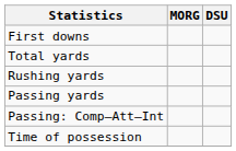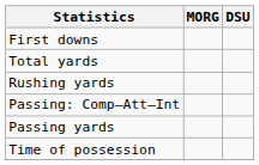 <table class="wikitable" style="float: left;">
 <tr>
 <th>Statistics</th>
 <th>MORG</th>
 <th>DSU</th>
 </tr>
 <tr>
 <td>First downs</td>
 <td></td>
 <td></td>
 </tr>
 <tr>
 <td>Total yards</td>
 <td></td>
 <td></td>
 </tr>
 <tr>
 <td>Rushing yards</td>
 <td></td>
 <td></td>
 </tr>
 <tr>
-<td>Passing yards</td>
+<td>Passing: Comp–Att–Int</td>
 <td></td>
 <td></td>
 </tr>
 <tr>
-<td>Passing: Comp–Att–Int</td>
+<td>Passing yards</td>
 <td></td>
 <td></td>
 </tr>
 <tr>
 <td>Time of possession</td>
 <td></td>
 <td></td>
 </tr>
 <tr>
 </tr>
 </table>
